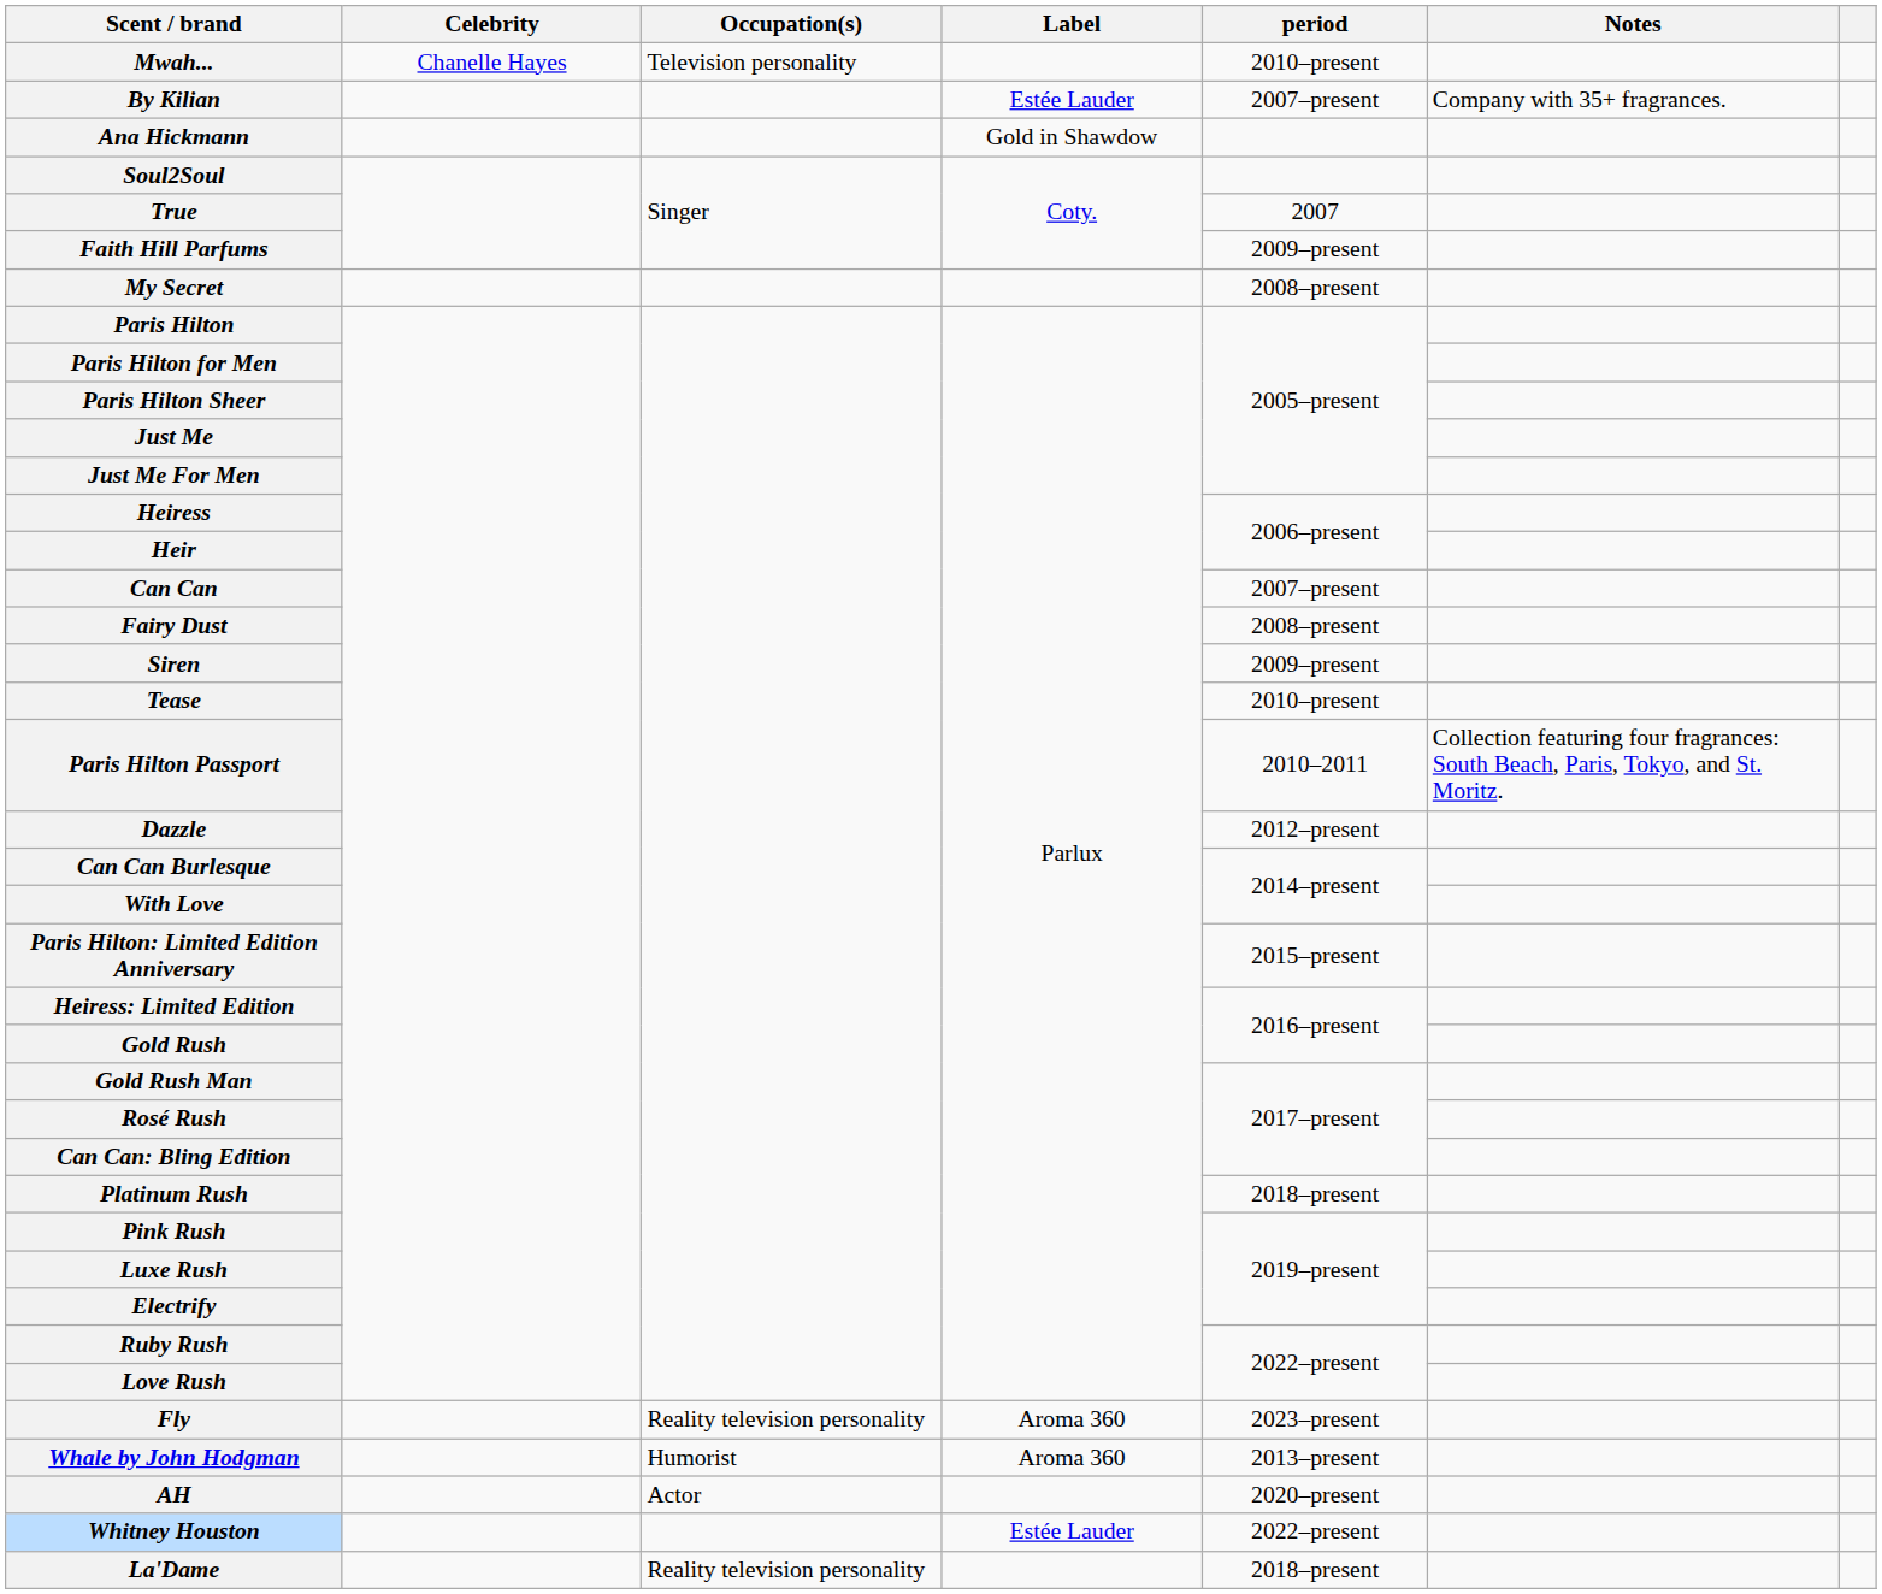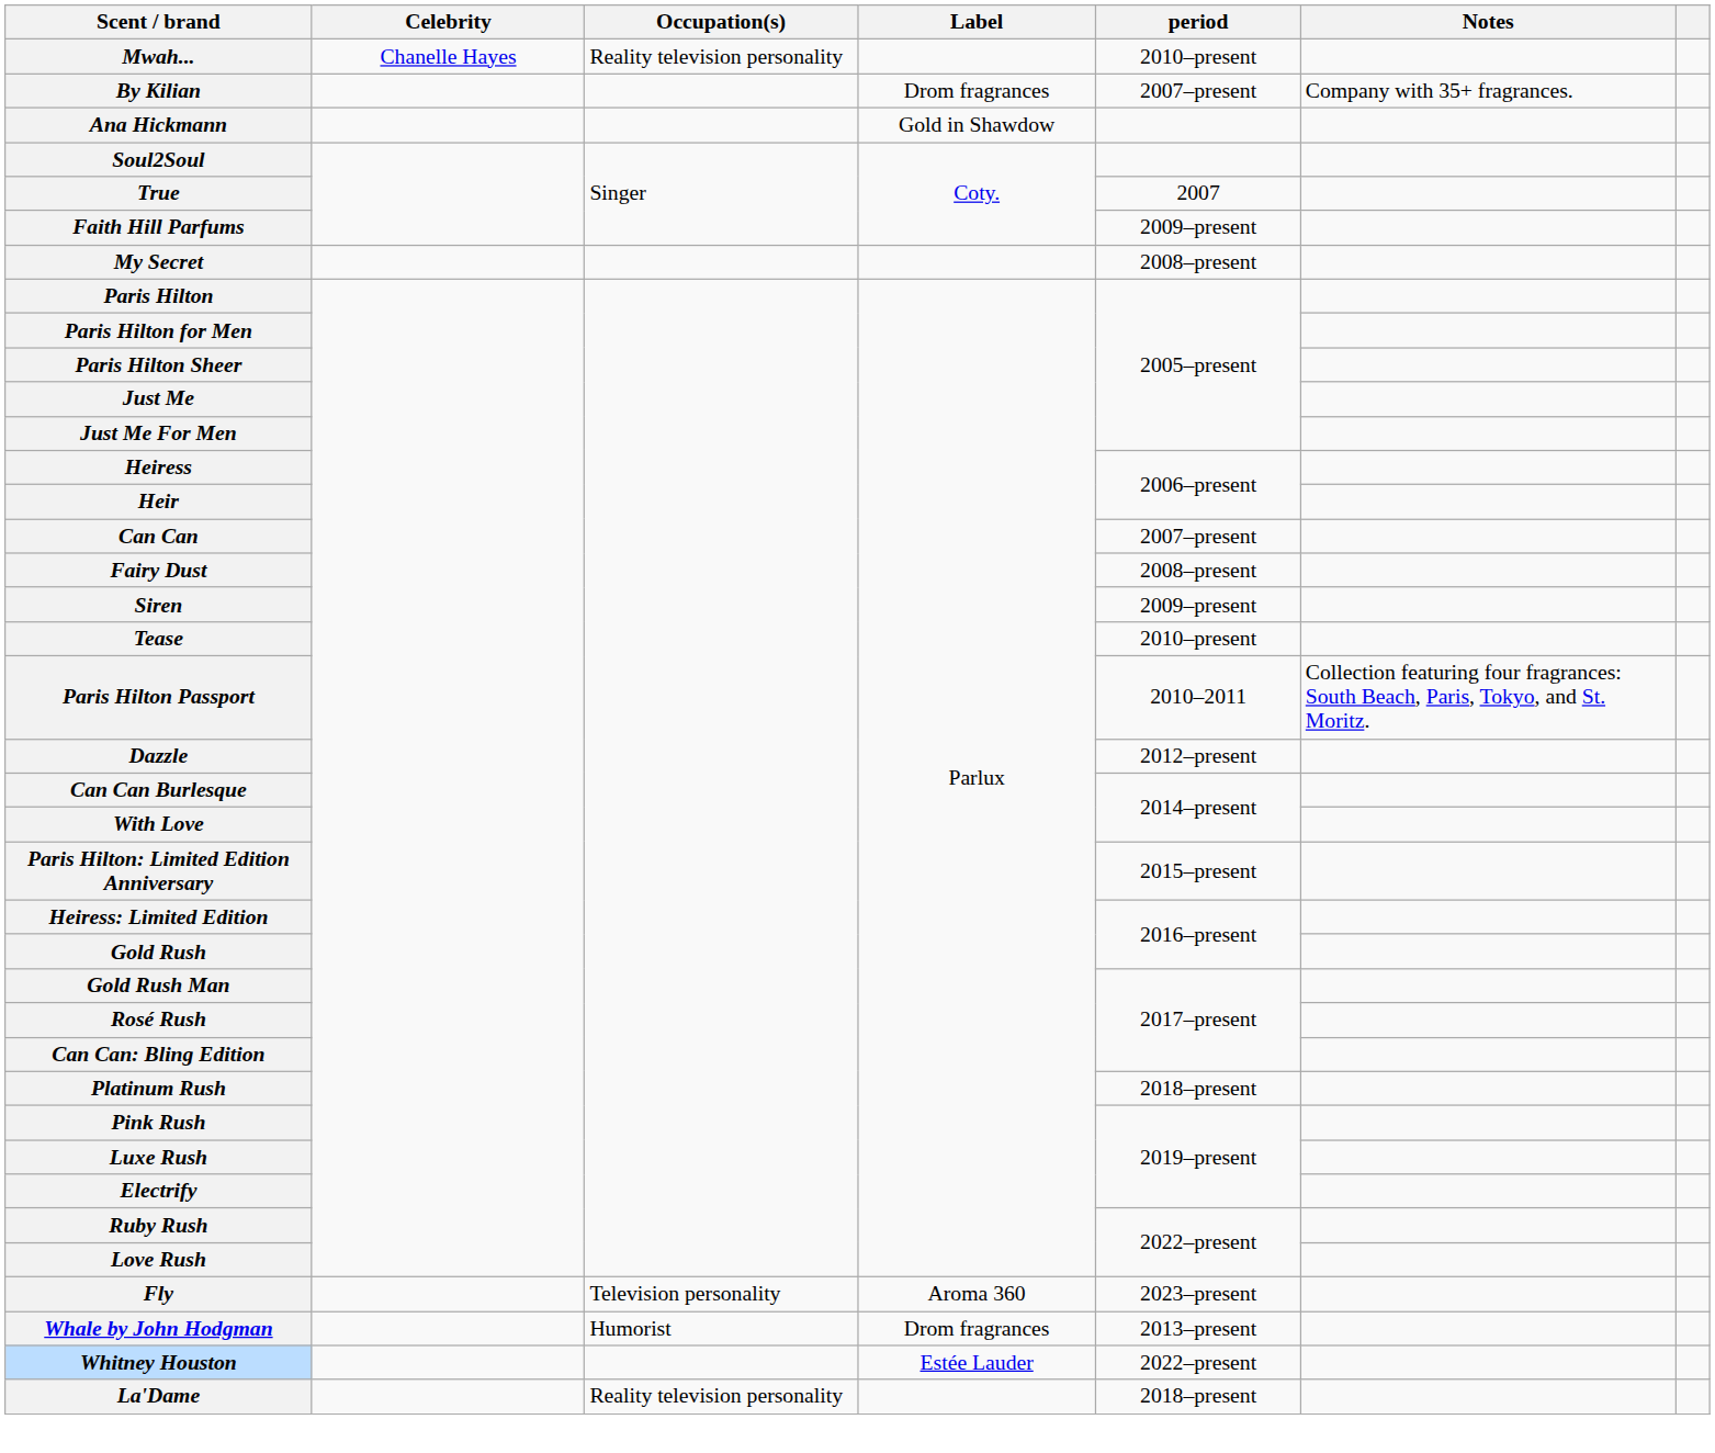 <table class="wikitable sortable plainrowheaders" font-size:95%; style="text-align:center;" width="100%;">
 <tr>
 <th scope="col" width="18%">Scent / brand</th>
 <th scope="col" width:"16%">Celebrity</th>
 <th scope="col" width="16%">Occupation(s)</th>
 <th scope="col" width="14%">Label</th>
 <th scope="col" width="12%"> period</th>
 <th scope="col" width="22%;" class="unsortable">Notes</th>
 <th scope="col" width="2%;" class="unsortable"></th>
 </tr>
 <tr>
 <th scope="row"><em>Mwah...</em></th>
 <td><a href='#'>Chanelle Hayes</a></td>
-<td style="text-align:left;">Television personality</td>
+<td style="text-align:left;">Reality television personality</td>
 <td></td>
 <td>2010–present</td>
 <td></td>
 <td style="text-align:left;"></td>
 </tr>
 <tr>
 <th scope="row"><em>By Kilian</em></th>
 <td></td>
 <td></td>
-<td><a href='#'>Estée Lauder</a></td>
+<td>Drom fragrances</td>
 <td>2007–present</td>
 <td style="text-align:left;">Company with 35+ fragrances.</td>
 <td></td>
 </tr>
 <tr>
 <th scope="row"><em>Ana Hickmann</em></th>
 <td></td>
 <td></td>
 <td>Gold in Shawdow</td>
 <td></td>
 <td style="text-align:left;"></td>
 <td></td>
 </tr>
 <tr>
 <th scope="row"><em>Soul2Soul</em></th>
 <td rowspan="3"></td>
 <td rowspan="3" style="text-align:left;">Singer</td>
 <td rowspan="3"><a href='#'>Coty.</a></td>
 <td></td>
 <td style="text-align:left;"></td>
 <td></td>
 </tr>
 <tr>
 <th scope="row"><em>True</em></th>
 <td>2007</td>
 <td style="text-align:left;"></td>
 <td></td>
 </tr>
 <tr>
 <th scope="row"><em>Faith Hill Parfums</em></th>
 <td>2009–present</td>
 <td style="text-align:left;"></td>
 <td></td>
 </tr>
 <tr>
 <th scope="row"><em>My Secret</em></th>
 <td></td>
 <td></td>
 <td></td>
 <td>2008–present</td>
 <td style="text-align:left;"></td>
 <td></td>
 </tr>
 <tr>
 <th scope="row"><em>Paris Hilton</em></th>
 <td rowspan="27"></td>
 <td rowspan="27"></td>
 <td rowspan="27">Parlux</td>
 <td rowspan="5">2005–present</td>
 <td style="text-align:left;"></td>
 <td></td>
 </tr>
 <tr>
 <th scope="row"><em>Paris Hilton for Men</em></th>
 <td style="text-align:left;"></td>
 <td></td>
 </tr>
 <tr>
 <th scope="row"><em>Paris Hilton Sheer</em></th>
 <td style="text-align:left;"></td>
 <td></td>
 </tr>
 <tr>
 <th scope="row"><em>Just Me</em></th>
 <td style="text-align:left;"></td>
 <td></td>
 </tr>
 <tr>
 <th scope="row"><em>Just Me For Men</em></th>
 <td style="text-align:left;"></td>
 <td></td>
 </tr>
 <tr>
 <th scope="row"><em>Heiress</em></th>
 <td rowspan="2">2006–present</td>
 <td style="text-align:left;"></td>
 <td></td>
 </tr>
 <tr>
 <th scope="row"><em>Heir</em></th>
 <td style="text-align:left;"></td>
 <td></td>
 </tr>
 <tr>
 <th scope="row"><em>Can Can</em></th>
 <td>2007–present</td>
 <td style="text-align:left;"></td>
 <td></td>
 </tr>
 <tr>
 <th scope="row"><em>Fairy Dust</em></th>
 <td>2008–present</td>
 <td style="text-align:left;"></td>
 <td></td>
 </tr>
 <tr>
 <th scope="row"><em>Siren</em></th>
 <td>2009–present</td>
 <td style="text-align:left;"></td>
 <td></td>
 </tr>
 <tr>
 <th scope="row"><em>Tease</em></th>
 <td>2010–present</td>
 <td style="text-align:left;"></td>
 <td></td>
 </tr>
 <tr>
 <th scope="row"><em>Paris Hilton Passport</em></th>
 <td>2010–2011</td>
 <td style="text-align:left;">Collection featuring four fragrances: <a href='#'>South Beach</a>, <a href='#'>Paris</a>, <a href='#'>Tokyo</a>, and <a href='#'>St. Moritz</a>.</td>
 <td></td>
 </tr>
 <tr>
 <th scope="row"><em>Dazzle</em></th>
 <td>2012–present</td>
 <td style="text-align:left;"></td>
 <td></td>
 </tr>
 <tr>
 <th scope="row"><em>Can Can Burlesque</em></th>
 <td rowspan="2">2014–present</td>
 <td style="text-align:left;"></td>
 <td></td>
 </tr>
 <tr>
 <th scope="row"><em>With Love</em></th>
 <td style="text-align:left;"></td>
 <td></td>
 </tr>
 <tr>
 <th scope="row"><em>Paris Hilton: Limited Edition Anniversary</em></th>
 <td>2015–present</td>
 <td style="text-align:left;"></td>
 <td></td>
 </tr>
 <tr>
 <th scope="row"><em>Heiress: Limited Edition</em></th>
 <td rowspan="2">2016–present</td>
 <td style="text-align:left;"></td>
 <td></td>
 </tr>
 <tr>
 <th scope="row"><em>Gold Rush</em></th>
 <td style="text-align:left;"></td>
 <td></td>
 </tr>
 <tr>
 <th scope="row"><em>Gold Rush Man</em></th>
 <td rowspan="3">2017–present</td>
 <td style="text-align:left;"></td>
 <td></td>
 </tr>
 <tr>
 <th scope="row"><em>Rosé Rush</em></th>
 <td style="text-align:left;"></td>
 <td></td>
 </tr>
 <tr>
 <th scope="row"><em>Can Can: Bling Edition</em></th>
 <td style="text-align:left;"></td>
 <td></td>
 </tr>
 <tr>
 <th scope="row"><em>Platinum Rush</em></th>
 <td>2018–present</td>
 <td style="text-align:left;"></td>
 <td></td>
 </tr>
 <tr>
 <th scope="row"><em>Pink Rush</em></th>
 <td rowspan="3">2019–present</td>
 <td style="text-align:left;"></td>
 <td></td>
 </tr>
 <tr>
 <th scope="row"><em>Luxe Rush</em></th>
 <td style="text-align:left;"></td>
 <td></td>
 </tr>
 <tr>
 <th scope="row"><em>Electrify</em></th>
 <td style="text-align:left;"></td>
 <td></td>
 </tr>
 <tr>
 <th scope="row"><em>Ruby Rush</em></th>
 <td rowspan="2">2022–present</td>
 <td style="text-align:left;"></td>
 <td></td>
 </tr>
 <tr>
 <th scope="row"><em>Love Rush</em></th>
 <td style="text-align:left;"></td>
 <td></td>
 </tr>
 <tr>
 <th scope="row"><em>Fly</em></th>
 <td></td>
-<td style="text-align:left;">Reality television personality</td>
+<td style="text-align:left;">Television personality</td>
 <td>Aroma 360</td>
 <td>2023–present</td>
 <td style="text-align:left;"></td>
 <td></td>
 </tr>
 <tr>
 <th scope="row"><em><a href='#'>Whale by John Hodgman</a></em></th>
 <td></td>
 <td style="text-align:left;">Humorist</td>
-<td>Aroma 360</td>
+<td>Drom fragrances</td>
 <td>2013–present</td>
-<td style="text-align:left;"></td>
-<td></td>
-</tr>
-<tr>
-<th scope="row"><em>AH</em></th>
-<td></td>
-<td style="text-align:left;">Actor</td>
-<td></td>
-<td>2020–present</td>
 <td style="text-align:left;"></td>
 <td></td>
 </tr>
 <tr>
 <th style="background:#bdf;" scope="row"><em>Whitney Houston</em></th>
 <td></td>
 <td></td>
 <td><a href='#'>Estée Lauder</a></td>
 <td>2022–present</td>
 <td></td>
 <td></td>
 </tr>
 <tr>
 <th scope="row"><em>La'Dame</em></th>
 <td></td>
 <td style="text-align:left;">Reality television personality</td>
 <td></td>
 <td>2018–present</td>
 <td style="text-align:left;"></td>
 <td></td>
 </tr>
 <tr>
 </tr>
 </table>
